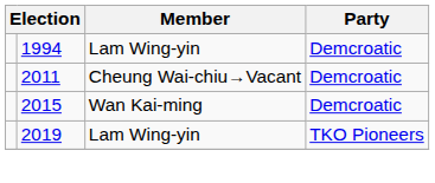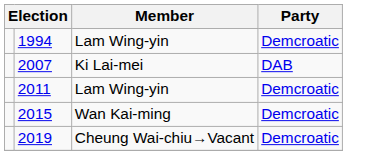 <table class="wikitable">
 <tr>
 <th colspan="2">Election</th>
 <th>Member</th>
 <th>Party</th>
 </tr>
 <tr>
 <td style="color:inherit;background:"></td>
 <td><a href='#'>1994</a></td>
 <td>Lam Wing-yin</td>
 <td><a href='#'>Demcroatic</a></td>
 </tr>
 <tr>
 <td style="color:inherit;background:"></td>
+<td><a href='#'>2007</a></td>
+<td>Ki Lai-mei</td>
+<td><a href='#'>DAB</a></td>
+</tr>
+<tr>
+<td style="color:inherit;background:"></td>
 <td><a href='#'>2011</a></td>
-<td>Cheung Wai-chiu→Vacant</td>
+<td>Lam Wing-yin</td>
 <td><a href='#'>Demcroatic</a></td>
 </tr>
 <tr>
 <td style="color:inherit;background:"></td>
 <td><a href='#'>2015</a></td>
 <td>Wan Kai-ming</td>
 <td><a href='#'>Demcroatic</a></td>
 </tr>
 <tr>
 <td style="color:inherit;background:"></td>
 <td><a href='#'>2019</a></td>
-<td>Lam Wing-yin</td>
-<td><a href='#'>TKO Pioneers</a></td>
+<td>Cheung Wai-chiu→Vacant</td>
+<td><a href='#'>Demcroatic</a></td>
 </tr>
 <tr>
 </tr>
 </table>
